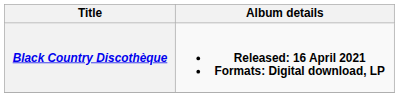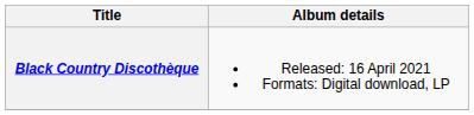 <table class="wikitable plainrowheaders" style="text-align:center;">
 <tr>
 <th scope="col" style="width:14em;">Title</th>
 <th scope="col" style="width:18em;">Album details</th>
 </tr>
 <tr>
 <th scope="row"><em><a href='#'>Black Country Discothèque</a></em></th>
-<td><strong><br><ul><li>Released: 16 April 2021</li><li>Formats: Digital download, LP</li></ul></strong></td>
+<td><br><ul><li>Released: 16 April 2021</li><li>Formats: Digital download, LP</li></ul></td>
 </tr>
 <tr>
 </tr>
 </table>
